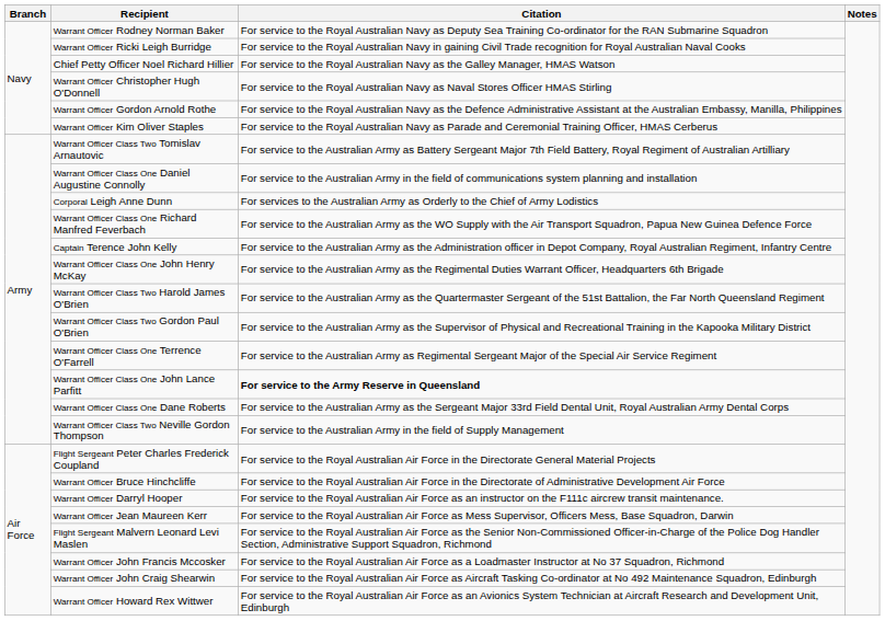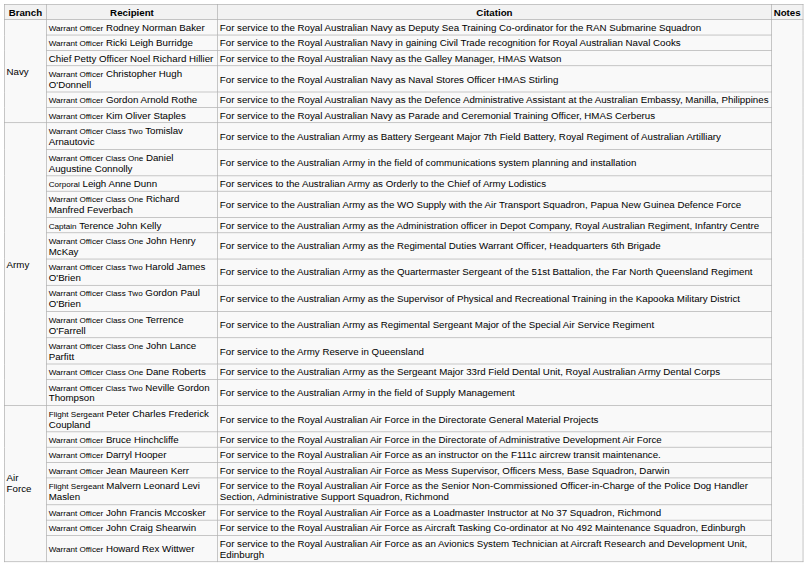 <table class="wikitable" style="font-size:95%;">
 <tr>
 <th>Branch</th>
 <th>Recipient</th>
 <th>Citation</th>
 <th>Notes</th>
 </tr>
 <tr>
 <td rowspan="6">Navy</td>
 <td><small>Warrant Officer</small> Rodney Norman Baker</td>
 <td>For service to the Royal Australian Navy as Deputy Sea Training Co-ordinator for the RAN Submarine Squadron</td>
 <td rowspan="26"></td>
 </tr>
 <tr>
 <td><small>Warrant Officer</small> Ricki Leigh Burridge</td>
 <td>For service to the Royal Australian Navy in gaining Civil Trade recognition for Royal Australian Naval Cooks</td>
 </tr>
 <tr>
 <td>Chief Petty Officer Noel Richard Hillier</td>
 <td>For service to the Royal Australian Navy as the Galley Manager, HMAS Watson</td>
 </tr>
 <tr>
 <td><small>Warrant Officer</small> Christopher Hugh O'Donnell</td>
 <td>For service to the Royal Australian Navy as Naval Stores Officer HMAS Stirling</td>
 </tr>
 <tr>
 <td><small>Warrant Officer</small> Gordon Arnold Rothe</td>
 <td>For service to the Royal Australian Navy as the Defence Administrative Assistant at the Australian Embassy, Manilla, Philippines</td>
 </tr>
 <tr>
 <td><small>Warrant Officer</small> Kim Oliver Staples</td>
 <td>For service to the Royal Australian Navy as Parade and Ceremonial Training Officer, HMAS Cerberus</td>
 </tr>
 <tr>
 <td rowspan="12">Army</td>
 <td><small>Warrant Officer Class Two</small> Tomislav Arnautovic</td>
 <td>For service to the Australian Army as Battery Sergeant Major 7th Field Battery, Royal Regiment of Australian Artilliary</td>
 </tr>
 <tr>
 <td><small>Warrant Officer Class One</small> Daniel Augustine Connolly</td>
 <td>For service to the Australian Army in the field of communications system planning and installation</td>
 </tr>
 <tr>
 <td><small>Corporal</small> Leigh Anne Dunn</td>
 <td>For services to the Australian Army as Orderly to the Chief of Army Lodistics</td>
 </tr>
 <tr>
 <td><small>Warrant Officer Class One</small> Richard Manfred Feverbach</td>
 <td>For service to the Australian Army as the WO Supply with the Air Transport Squadron, Papua New Guinea Defence Force</td>
 </tr>
 <tr>
 <td><small>Captain</small> Terence John Kelly</td>
 <td>For service to the Australian Army as the Administration officer in Depot Company, Royal Australian Regiment, Infantry Centre</td>
 </tr>
 <tr>
 <td><small>Warrant Officer Class One</small> John Henry McKay</td>
 <td>For service to the Australian Army as the Regimental Duties Warrant Officer, Headquarters 6th Brigade</td>
 </tr>
 <tr>
 <td><small>Warrant Officer Class Two</small> Harold James O'Brien</td>
 <td>For service to the Australian Army as the Quartermaster Sergeant of the 51st Battalion, the Far North Queensland Regiment</td>
 </tr>
 <tr>
 <td><small>Warrant Officer Class Two</small> Gordon Paul O'Brien</td>
 <td>For service to the Australian Army as the Supervisor of Physical and Recreational Training in the Kapooka Military District</td>
 </tr>
 <tr>
 <td><small>Warrant Officer Class One</small> Terrence O'Farrell</td>
 <td>For service to the Australian Army as Regimental Sergeant Major of the Special Air Service Regiment</td>
 </tr>
 <tr>
 <td><small>Warrant Officer Class One</small> John Lance Parfitt</td>
-<td><strong>For service to the Army Reserve in Queensland</strong></td>
+<td>For service to the Army Reserve in Queensland</td>
 </tr>
 <tr>
 <td><small>Warrant Officer Class One</small> Dane Roberts</td>
 <td>For service to the Australian Army as the Sergeant Major 33rd Field Dental Unit, Royal Australian Army Dental Corps</td>
 </tr>
 <tr>
 <td><small>Warrant Officer Class Two</small> Neville Gordon Thompson</td>
 <td>For service to the Australian Army in the field of Supply Management</td>
 </tr>
 <tr>
 <td rowspan="8">Air Force</td>
 <td><small>Flight Sergeant</small> Peter Charles Frederick Coupland</td>
 <td>For service to the Royal Australian Air Force in the Directorate General Material Projects</td>
 </tr>
 <tr>
 <td><small>Warrant Officer</small> Bruce Hinchcliffe</td>
 <td>For service to the Royal Australian Air Force in the Directorate of Administrative Development Air Force</td>
 </tr>
 <tr>
 <td><small>Warrant Officer</small> Darryl Hooper</td>
 <td>For service to the Royal Australian Air Force as an instructor on the F111c aircrew transit maintenance.</td>
 </tr>
 <tr>
 <td><small>Warrant Officer</small> Jean Maureen Kerr</td>
 <td>For service to the Royal Australian Air Force as Mess Supervisor, Officers Mess, Base Squadron, Darwin</td>
 </tr>
 <tr>
 <td><small>Flight Sergeant</small> Malvern Leonard Levi Maslen</td>
 <td>For service to the Royal Australian Air Force as the Senior Non-Commissioned Officer-in-Charge of the Police Dog Handler Section, Administrative Support Squadron, Richmond</td>
 </tr>
 <tr>
 <td><small>Warrant Officer</small> John Francis Mccosker</td>
 <td>For service to the Royal Australian Air Force as a Loadmaster Instructor at No 37 Squadron, Richmond</td>
 </tr>
 <tr>
 <td><small>Warrant Officer</small> John Craig Shearwin</td>
 <td>For service to the Royal Australian Air Force as Aircraft Tasking Co-ordinator at No 492 Maintenance Squadron, Edinburgh</td>
 </tr>
 <tr>
 <td><small>Warrant Officer</small> Howard Rex Wittwer</td>
 <td>For service to the Royal Australian Air Force as an Avionics System Technician at Aircraft Research and Development Unit, Edinburgh</td>
 </tr>
 </table>
